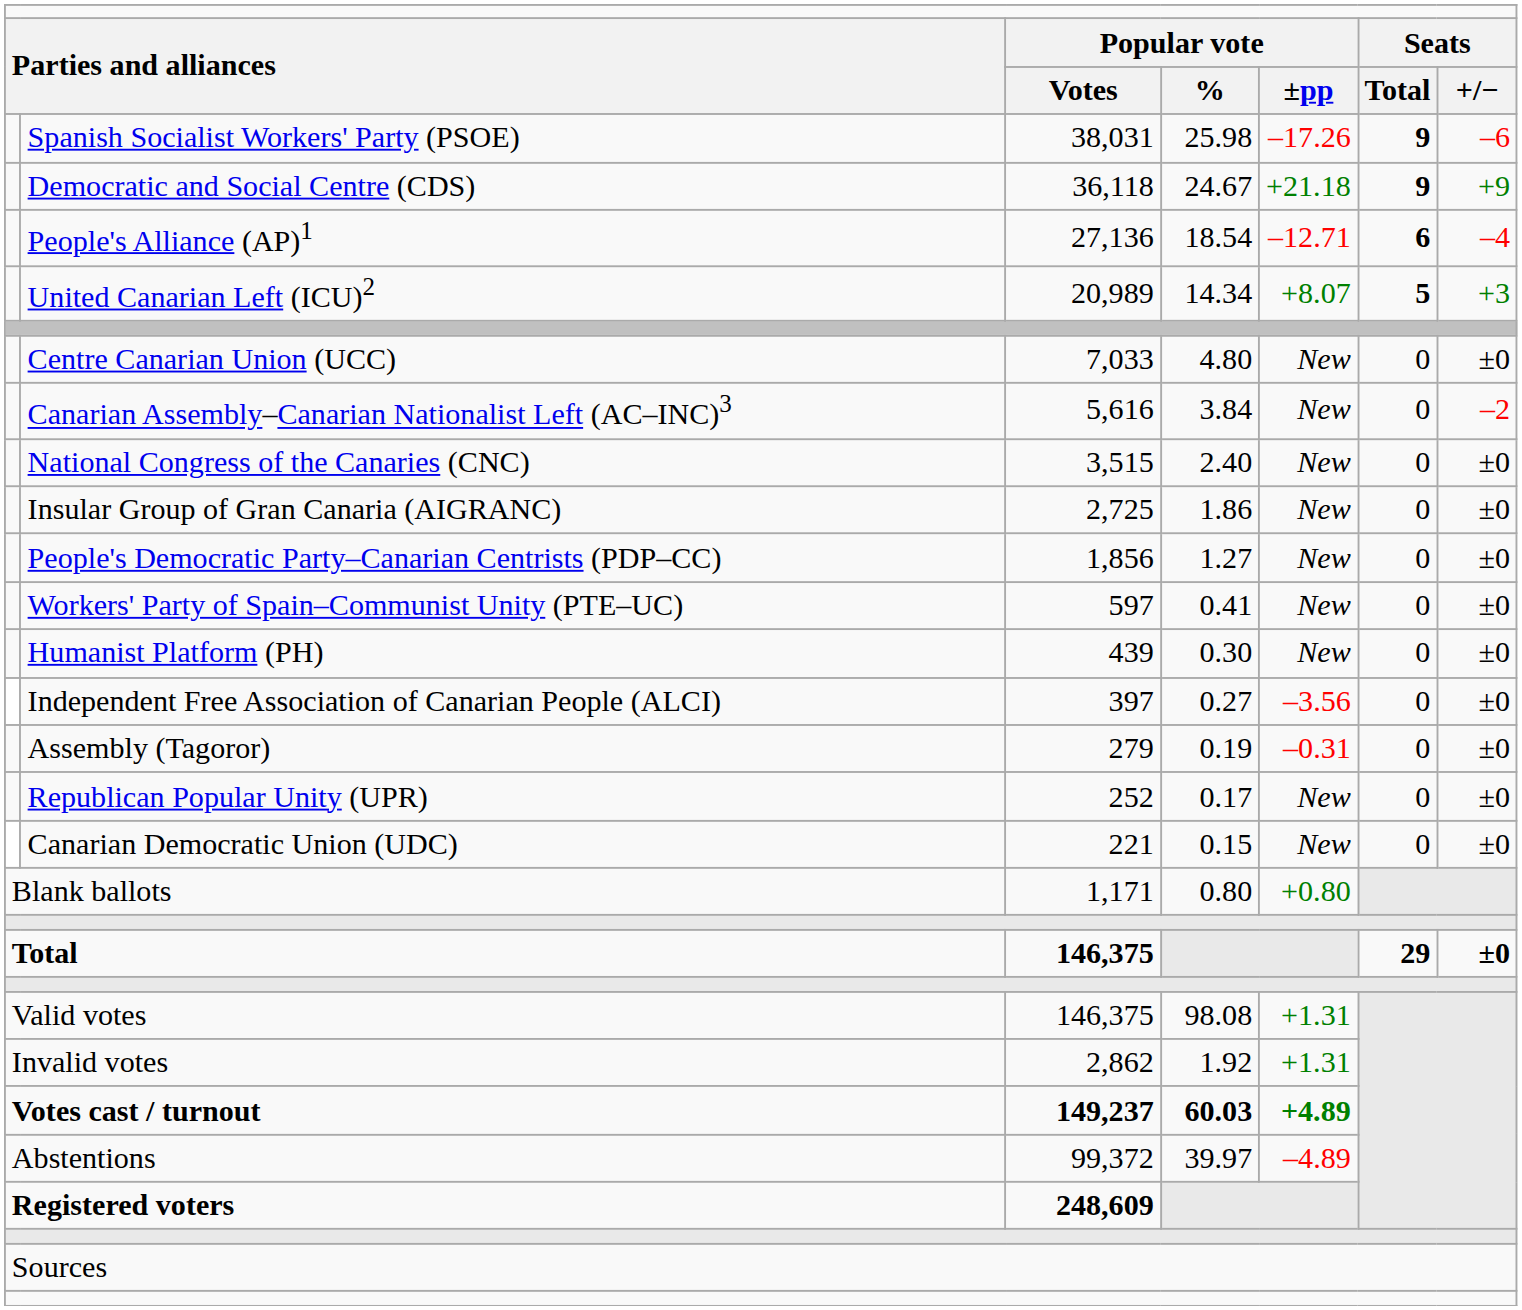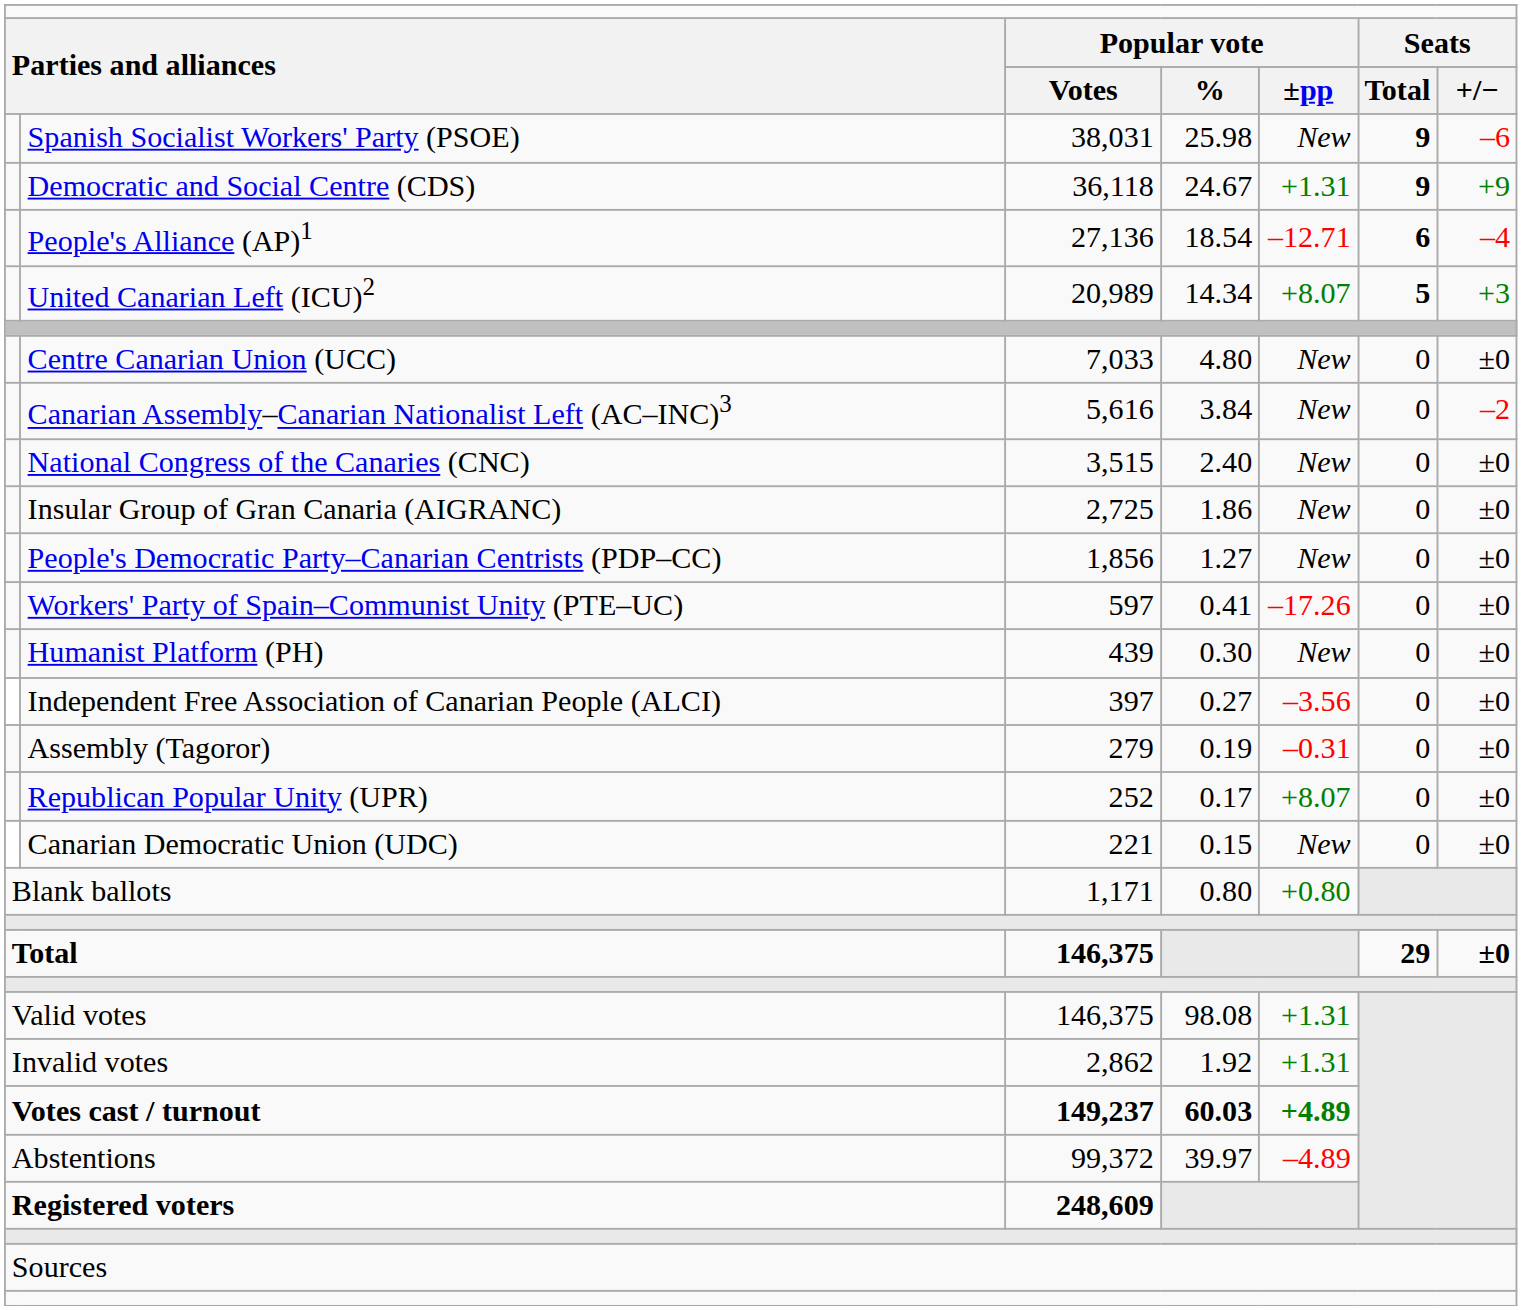 <table class="wikitable" style="text-align:right;">
 <tr>
 <td colspan="7"></td>
 </tr>
 <tr>
 <th style="text-align:left;" rowspan="2" colspan="2" width="525">Parties and alliances</th>
 <th colspan="3">Popular vote</th>
 <th colspan="2">Seats</th>
 </tr>
 <tr>
 <th width="75">Votes</th>
 <th width="45">%</th>
 <th width="45">±<a href='#'>pp</a></th>
 <th width="35">Total</th>
 <th width="35">+/−</th>
 </tr>
 <tr>
 <td width="1" style="color:inherit;background:"></td>
 <td align="left"><a href='#'>Spanish Socialist Workers' Party</a> (PSOE)</td>
 <td>38,031</td>
 <td>25.98</td>
-<td style="color:red;">–17.26</td>
+<td><em>New</em></td>
 <td><strong>9</strong></td>
 <td style="color:red;">–6</td>
 </tr>
 <tr>
 <td style="color:inherit;background:"></td>
 <td align="left"><a href='#'>Democratic and Social Centre</a> (CDS)</td>
 <td>36,118</td>
 <td>24.67</td>
-<td style="color:green;">+21.18</td>
+<td style="color:green;">+1.31</td>
 <td><strong>9</strong></td>
 <td style="color:green;">+9</td>
 </tr>
 <tr>
 <td style="color:inherit;background:"></td>
 <td align="left"><a href='#'>People's Alliance</a> (AP)<sup>1</sup></td>
 <td>27,136</td>
 <td>18.54</td>
 <td style="color:red;">–12.71</td>
 <td><strong>6</strong></td>
 <td style="color:red;">–4</td>
 </tr>
 <tr>
 <td style="color:inherit;background:"></td>
 <td align="left"><a href='#'>United Canarian Left</a> (ICU)<sup>2</sup></td>
 <td>20,989</td>
 <td>14.34</td>
 <td style="color:green;">+8.07</td>
 <td><strong>5</strong></td>
 <td style="color:green;">+3</td>
 </tr>
 <tr>
 <td colspan="7" bgcolor="#C0C0C0"></td>
 </tr>
 <tr>
 <td style="color:inherit;background:"></td>
 <td align="left"><a href='#'>Centre Canarian Union</a> (UCC)</td>
 <td>7,033</td>
 <td>4.80</td>
 <td><em>New</em></td>
 <td>0</td>
 <td>±0</td>
 </tr>
 <tr>
 <td style="color:inherit;background:"></td>
 <td align="left"><a href='#'>Canarian Assembly</a>–<a href='#'>Canarian Nationalist Left</a> (AC–INC)<sup>3</sup></td>
 <td>5,616</td>
 <td>3.84</td>
 <td><em>New</em></td>
 <td>0</td>
 <td style="color:red;">–2</td>
 </tr>
 <tr>
 <td style="color:inherit;background:"></td>
 <td align="left"><a href='#'>National Congress of the Canaries</a> (CNC)</td>
 <td>3,515</td>
 <td>2.40</td>
 <td><em>New</em></td>
 <td>0</td>
 <td>±0</td>
 </tr>
 <tr>
 <td style="color:inherit;background:"></td>
 <td align="left">Insular Group of Gran Canaria (AIGRANC)</td>
 <td>2,725</td>
 <td>1.86</td>
 <td><em>New</em></td>
 <td>0</td>
 <td>±0</td>
 </tr>
 <tr>
 <td style="color:inherit;background:"></td>
 <td align="left"><a href='#'>People's Democratic Party–Canarian Centrists</a> (PDP–CC)</td>
 <td>1,856</td>
 <td>1.27</td>
 <td><em>New</em></td>
 <td>0</td>
 <td>±0</td>
 </tr>
 <tr>
 <td style="color:inherit;background:"></td>
 <td align="left"><a href='#'>Workers' Party of Spain–Communist Unity</a> (PTE–UC)</td>
 <td>597</td>
 <td>0.41</td>
-<td><em>New</em></td>
+<td style="color:red;">–17.26</td>
 <td>0</td>
 <td>±0</td>
 </tr>
 <tr>
 <td style="color:inherit;background:"></td>
 <td align="left"><a href='#'>Humanist Platform</a> (PH)</td>
 <td>439</td>
 <td>0.30</td>
 <td><em>New</em></td>
 <td>0</td>
 <td>±0</td>
 </tr>
 <tr>
 <td bgcolor="white"></td>
 <td align="left">Independent Free Association of Canarian People (ALCI)</td>
 <td>397</td>
 <td>0.27</td>
 <td style="color:red;">–3.56</td>
 <td>0</td>
 <td>±0</td>
 </tr>
 <tr>
 <td style="color:inherit;background:"></td>
 <td align="left">Assembly (Tagoror)</td>
 <td>279</td>
 <td>0.19</td>
 <td style="color:red;">–0.31</td>
 <td>0</td>
 <td>±0</td>
 </tr>
 <tr>
 <td style="color:inherit;background:"></td>
 <td align="left"><a href='#'>Republican Popular Unity</a> (UPR)</td>
 <td>252</td>
 <td>0.17</td>
-<td><em>New</em></td>
+<td style="color:green;">+8.07</td>
 <td>0</td>
 <td>±0</td>
 </tr>
 <tr>
 <td bgcolor="white"></td>
 <td align="left">Canarian Democratic Union (UDC)</td>
 <td>221</td>
 <td>0.15</td>
 <td><em>New</em></td>
 <td>0</td>
 <td>±0</td>
 </tr>
 <tr>
 <td align="left" colspan="2">Blank ballots</td>
 <td>1,171</td>
 <td>0.80</td>
 <td style="color:green;">+0.80</td>
 <td bgcolor="#E9E9E9" colspan="2"></td>
 </tr>
 <tr>
 <td colspan="7" bgcolor="#E9E9E9"></td>
 </tr>
 <tr style="font-weight:bold;">
 <td align="left" colspan="2">Total</td>
 <td>146,375</td>
 <td bgcolor="#E9E9E9" colspan="2"></td>
 <td>29</td>
 <td>±0</td>
 </tr>
 <tr>
 <td colspan="7" bgcolor="#E9E9E9"></td>
 </tr>
 <tr>
 <td align="left" colspan="2">Valid votes</td>
 <td>146,375</td>
 <td>98.08</td>
 <td style="color:green;">+1.31</td>
 <td bgcolor="#E9E9E9" colspan="2" rowspan="5"></td>
 </tr>
 <tr>
 <td align="left" colspan="2">Invalid votes</td>
 <td>2,862</td>
 <td>1.92</td>
 <td style="color:green;">+1.31</td>
 </tr>
 <tr style="font-weight:bold;">
 <td align="left" colspan="2">Votes cast / turnout</td>
 <td>149,237</td>
 <td>60.03</td>
 <td style="color:green;">+4.89</td>
 </tr>
 <tr>
 <td align="left" colspan="2">Abstentions</td>
 <td>99,372</td>
 <td>39.97</td>
 <td style="color:red;">–4.89</td>
 </tr>
 <tr style="font-weight:bold;">
 <td align="left" colspan="2">Registered voters</td>
 <td>248,609</td>
 <td bgcolor="#E9E9E9" colspan="2"></td>
 </tr>
 <tr>
 <td colspan="7" bgcolor="#E9E9E9"></td>
 </tr>
 <tr>
 <td align="left" colspan="7">Sources</td>
 </tr>
 <tr>
 <td colspan="7" style="text-align:left; max-width:790px;"></td>
 </tr>
 </table>
